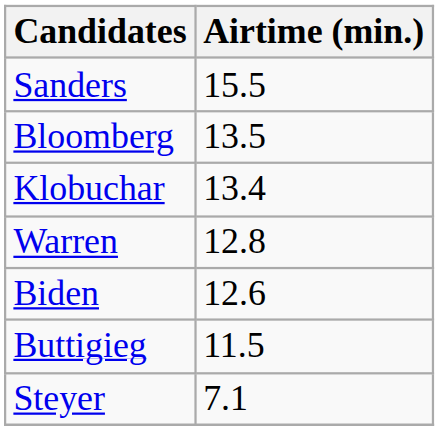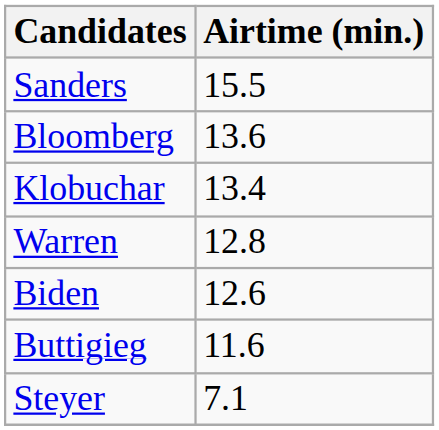 <table class="wikitable sortable" style="display:inline-table;line-height:16px;">
 <tr>
 <th>Candidates</th>
 <th>Airtime (min.)</th>
 </tr>
 <tr>
 <td><a href='#'>Sanders</a></td>
 <td>15.5</td>
 </tr>
 <tr>
 <td><a href='#'>Bloomberg</a></td>
-<td>13.5</td>
+<td>13.6</td>
 </tr>
 <tr>
 <td><a href='#'>Klobuchar</a></td>
 <td>13.4</td>
 </tr>
 <tr>
 <td><a href='#'>Warren</a></td>
 <td>12.8</td>
 </tr>
 <tr>
 <td><a href='#'>Biden</a></td>
 <td>12.6</td>
 </tr>
 <tr>
 <td><a href='#'>Buttigieg</a></td>
-<td>11.5</td>
+<td>11.6</td>
 </tr>
 <tr>
 <td><a href='#'>Steyer</a></td>
 <td>7.1</td>
 </tr>
 <tr>
 </tr>
 </table>
